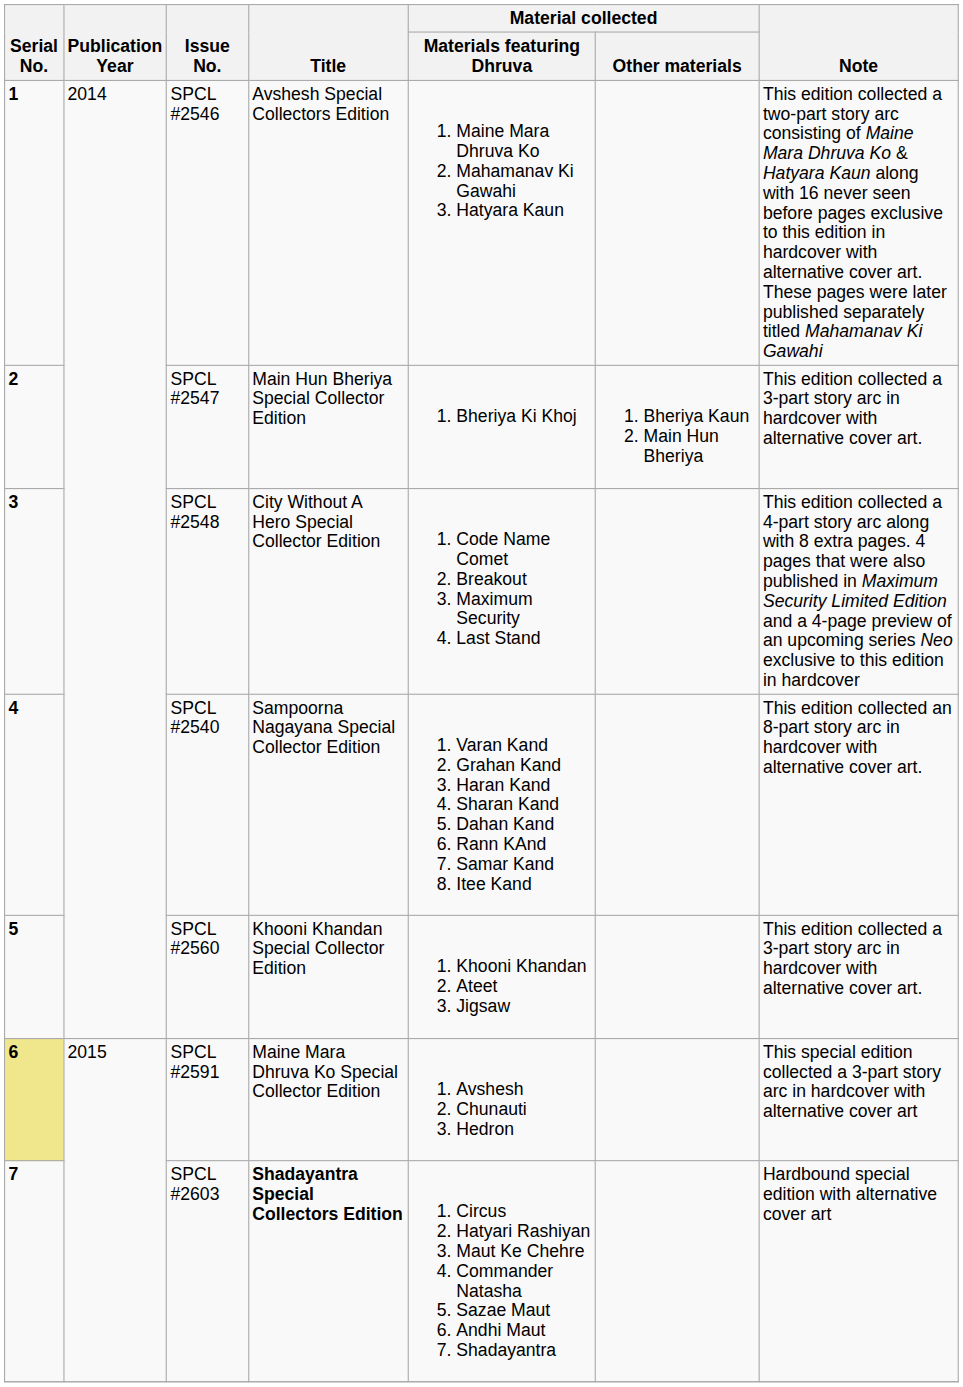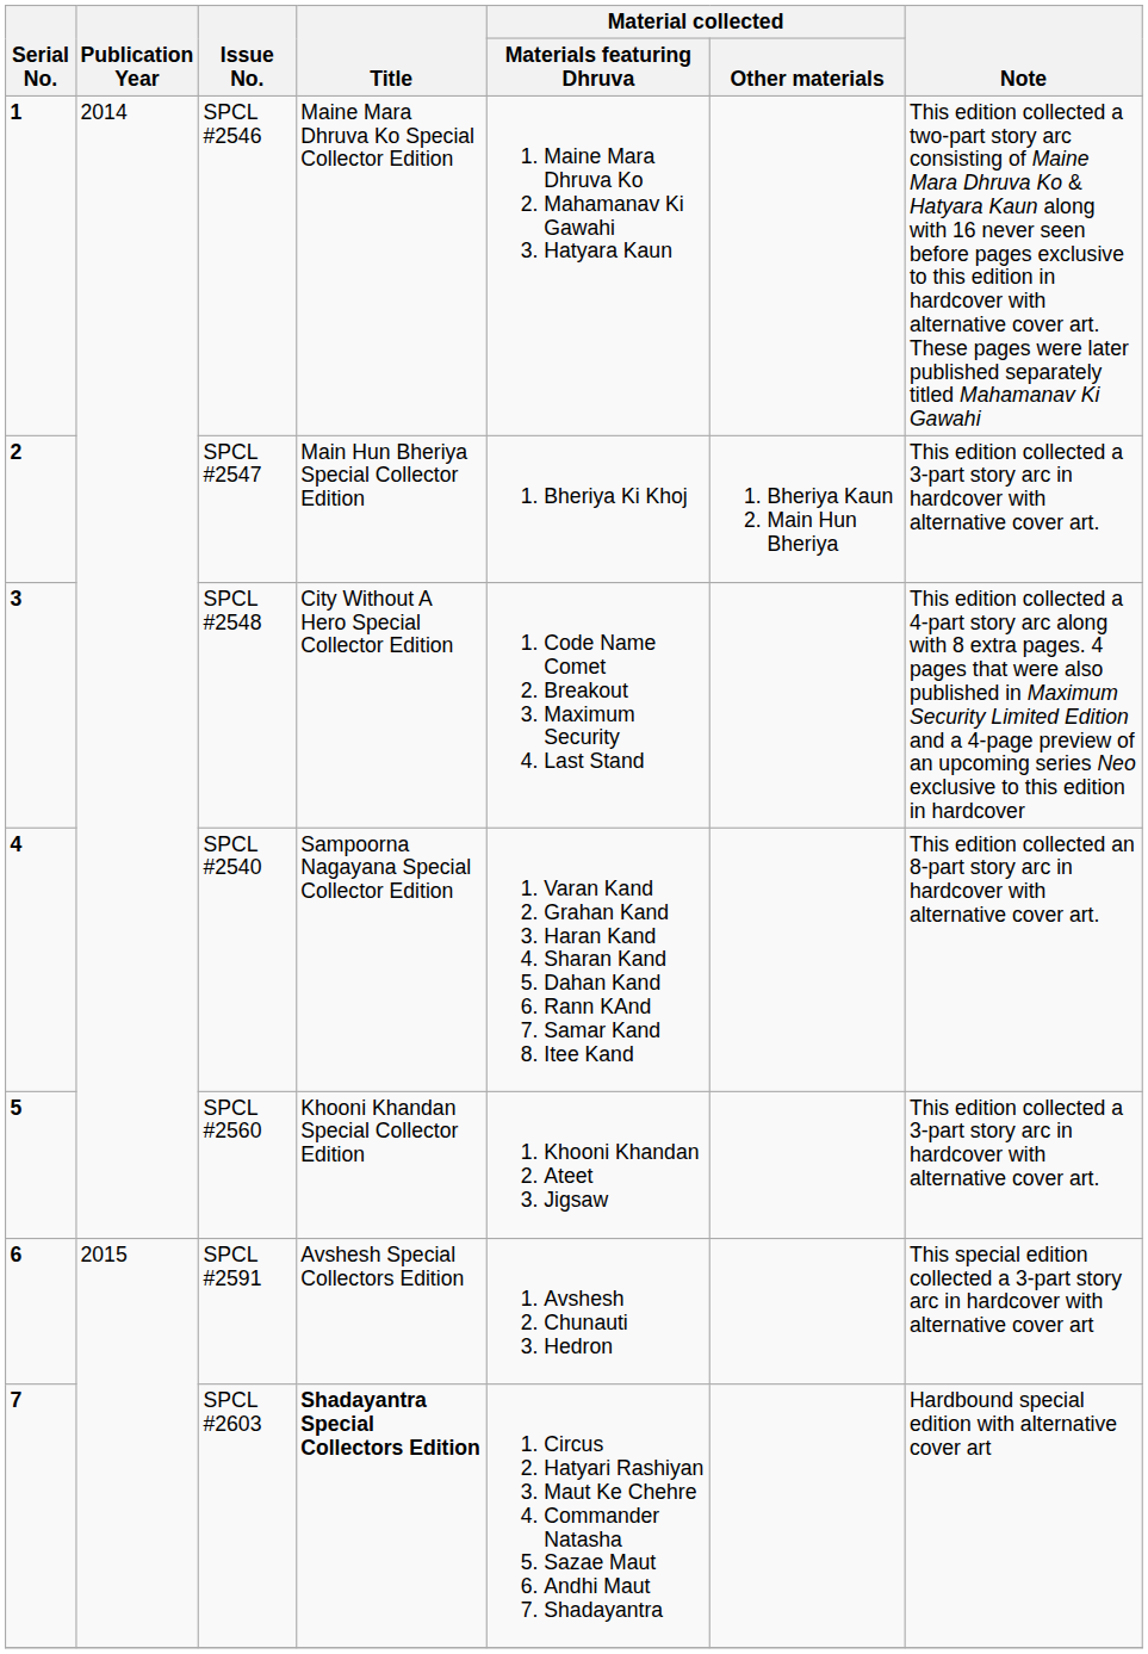 <table class="wikitable unsortable">
 <tr>
 <th rowspan="2" style="vertical-align:bottom; width:50px;">Serial No.</th>
 <th rowspan="2" style="vertical-align:bottom; width:50px;">Publication Year</th>
 <th rowspan="2" style="vertical-align:bottom; width:100px;">Issue No.</th>
 <th rowspan="2" style="vertical-align:bottom; width:200px;">Title</th>
 <th colspan="2" style="vertical-align:bottom; width:420px;">Material collected</th>
 <th rowspan="2" style="vertical-align:bottom; width:300px;">Note</th>
 </tr>
 <tr style="vertical-align:top;">
 <th style="vertical-align:bottom; width:210px;">Materials featuring Dhruva</th>
 <th style="vertical-align:bottom; width:210px;">Other materials</th>
 </tr>
 <tr style="vertical-align:top;">
 <td><strong>1</strong></td>
 <td rowspan=5>2014</td>
 <td>SPCL #2546</td>
-<td>Avshesh Special Collectors Edition</td>
+<td>Maine Mara Dhruva Ko Special Collector Edition</td>
 <td><br><ol><li>Maine Mara Dhruva Ko</li><li>Mahamanav Ki Gawahi</li><li>Hatyara Kaun</li></ol></td>
 <td></td>
 <td>This edition collected a two-part story arc consisting of <em>Maine Mara Dhruva Ko</em> & <em>Hatyara Kaun</em> along with 16 never seen before pages exclusive to this edition in hardcover with alternative cover art. These pages were later published separately titled <em>Mahamanav Ki Gawahi</em></td>
 </tr>
 <tr style="vertical-align:top;">
 <td><strong>2</strong></td>
 <td>SPCL #2547</td>
 <td>Main Hun Bheriya Special Collector Edition</td>
 <td><br><ol><li>Bheriya Ki Khoj</li></ol></td>
 <td><br><ol><li>Bheriya Kaun</li><li>Main Hun Bheriya</li></ol></td>
 <td>This edition collected a 3-part story arc in hardcover with alternative cover art.</td>
 </tr>
 <tr style="vertical-align:top;">
 <td><strong>3</strong></td>
 <td>SPCL #2548</td>
 <td>City Without A Hero Special Collector Edition</td>
 <td><br><ol><li>Code Name Comet</li><li>Breakout</li><li>Maximum Security</li><li>Last Stand</li></ol></td>
 <td></td>
 <td>This edition collected a 4-part story arc along with 8 extra pages. 4 pages that were also published in <em>Maximum Security Limited Edition</em> and a 4-page preview of an upcoming series <em>Neo</em> exclusive to this edition in hardcover</td>
 </tr>
 <tr style="vertical-align:top;">
 <td><strong>4</strong></td>
 <td>SPCL #2540</td>
 <td>Sampoorna Nagayana Special Collector Edition</td>
 <td><br><ol><li>Varan Kand</li><li>Grahan Kand</li><li>Haran Kand</li><li>Sharan Kand</li><li>Dahan Kand</li><li>Rann KAnd</li><li>Samar Kand</li><li>Itee Kand</li></ol></td>
 <td></td>
 <td>This edition collected an 8-part story arc in hardcover with alternative cover art.</td>
 </tr>
 <tr style="vertical-align:top;">
 <td><strong>5</strong></td>
 <td>SPCL #2560</td>
 <td>Khooni Khandan Special Collector Edition</td>
 <td><br><ol><li>Khooni Khandan</li><li>Ateet</li><li>Jigsaw</li></ol></td>
 <td></td>
 <td>This edition collected a 3-part story arc in hardcover with alternative cover art.</td>
 </tr>
 <tr style="vertical-align:top;">
-<td style="background: khaki;"><strong>6</strong></td>
+<td><strong>6</strong></td>
 <td rowspan=2>2015</td>
 <td>SPCL #2591</td>
-<td>Maine Mara Dhruva Ko Special Collector Edition</td>
+<td>Avshesh Special Collectors Edition</td>
 <td><br><ol><li>Avshesh</li><li>Chunauti</li><li>Hedron</li></ol></td>
 <td></td>
 <td>This special edition collected a 3-part story arc in hardcover with alternative cover art</td>
 </tr>
 <tr style="vertical-align:top;">
 <td><strong>7</strong></td>
 <td>SPCL #2603</td>
 <td><strong>Shadayantra Special Collectors Edition</strong></td>
 <td><br><ol><li>Circus</li><li>Hatyari Rashiyan</li><li>Maut Ke Chehre</li><li>Commander Natasha</li><li>Sazae Maut</li><li>Andhi Maut</li><li>Shadayantra</li></ol></td>
 <td></td>
 <td>Hardbound special edition with alternative cover art</td>
 </tr>
 <tr style="vertical-align:top;">
 </tr>
 </table>
